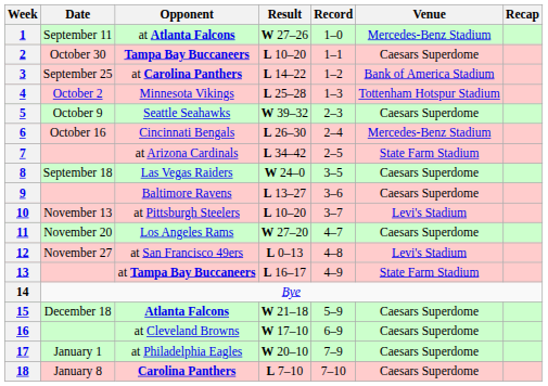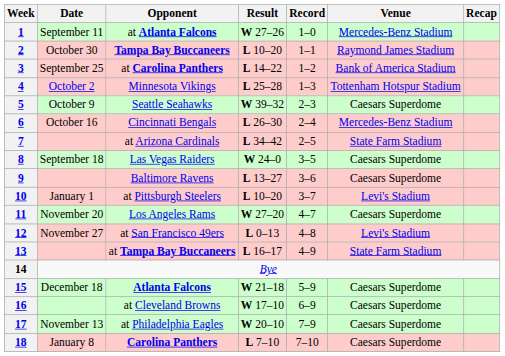 <table class="wikitable" style="text-align:center">
 <tr>
 <th>Week</th>
 <th>Date</th>
 <th>Opponent</th>
 <th>Result</th>
 <th>Record</th>
 <th>Venue</th>
 <th>Recap</th>
 </tr>
 <tr style="background:#cfc">
 <th><a href='#'>1</a></th>
 <td>September 11</td>
 <td>at <strong><a href='#'>Atlanta Falcons</a></strong></td>
 <td><strong>W</strong> 27–26</td>
 <td>1–0</td>
 <td><a href='#'>Mercedes-Benz Stadium</a></td>
 <td></td>
 </tr>
 <tr style="background:#fcc">
 <th><a href='#'>2</a></th>
 <td>October 30</td>
 <td><strong><a href='#'>Tampa Bay Buccaneers</a></strong></td>
 <td><strong>L</strong> 10–20</td>
 <td>1–1</td>
-<td>Caesars Superdome</td>
+<td><a href='#'>Raymond James Stadium</a></td>
 <td></td>
 </tr>
 <tr style="background:#fcc">
 <th><a href='#'>3</a></th>
 <td>September 25</td>
 <td>at <strong><a href='#'>Carolina Panthers</a></strong></td>
 <td><strong>L</strong> 14–22</td>
 <td>1–2</td>
 <td><a href='#'>Bank of America Stadium</a></td>
 <td></td>
 </tr>
 <tr style="background:#fcc">
 <th><a href='#'>4</a></th>
 <td><a href='#'>October 2</a></td>
 <td><a href='#'>Minnesota Vikings</a></td>
 <td><strong>L</strong> 25–28</td>
 <td>1–3</td>
 <td> <a href='#'>Tottenham Hotspur Stadium</a> </td>
 <td></td>
 </tr>
 <tr style="background:#cfc">
 <th><a href='#'>5</a></th>
 <td>October 9</td>
 <td><a href='#'>Seattle Seahawks</a></td>
 <td><strong>W</strong> 39–32</td>
 <td>2–3</td>
 <td>Caesars Superdome</td>
 <td></td>
 </tr>
 <tr style="background:#fcc">
 <th><a href='#'>6</a></th>
 <td>October 16</td>
 <td><a href='#'>Cincinnati Bengals</a></td>
 <td><strong>L</strong> 26–30</td>
 <td>2–4</td>
 <td><a href='#'>Mercedes-Benz Stadium</a></td>
 <td></td>
 </tr>
 <tr style="background:#fcc">
 <th><a href='#'>7</a></th>
 <td></td>
 <td>at <a href='#'>Arizona Cardinals</a></td>
 <td><strong>L</strong> 34–42</td>
 <td>2–5</td>
 <td><a href='#'>State Farm Stadium</a></td>
 <td></td>
 </tr>
 <tr style="background:#cfc">
 <th><a href='#'>8</a></th>
 <td>September 18</td>
 <td><a href='#'>Las Vegas Raiders</a></td>
 <td><strong>W</strong> 24–0</td>
 <td>3–5</td>
 <td>Caesars Superdome</td>
 <td></td>
 </tr>
 <tr style="background:#fcc">
 <th><a href='#'>9</a></th>
 <td></td>
 <td><a href='#'>Baltimore Ravens</a></td>
 <td><strong>L</strong> 13–27</td>
 <td>3–6</td>
 <td>Caesars Superdome</td>
 <td></td>
 </tr>
 <tr style="background:#fcc">
 <th><a href='#'>10</a></th>
-<td>November 13</td>
+<td>January 1</td>
 <td>at <a href='#'>Pittsburgh Steelers</a></td>
 <td><strong>L</strong> 10–20</td>
 <td>3–7</td>
 <td><a href='#'>Levi's Stadium</a></td>
 <td></td>
 </tr>
 <tr style="background:#cfc">
 <th><a href='#'>11</a></th>
 <td>November 20</td>
 <td><a href='#'>Los Angeles Rams</a></td>
 <td><strong>W</strong> 27–20</td>
 <td>4–7</td>
 <td>Caesars Superdome</td>
 <td></td>
 </tr>
 <tr style="background:#fcc">
 <th><a href='#'>12</a></th>
 <td>November 27</td>
 <td>at <a href='#'>San Francisco 49ers</a></td>
 <td><strong>L</strong> 0–13</td>
 <td>4–8</td>
 <td><a href='#'>Levi's Stadium</a></td>
 <td></td>
 </tr>
 <tr style="background:#fcc">
 <th><a href='#'>13</a></th>
 <td></td>
 <td>at <strong><a href='#'>Tampa Bay Buccaneers</a></strong></td>
 <td><strong>L</strong> 16–17</td>
 <td>4–9</td>
 <td><a href='#'>State Farm Stadium</a></td>
 <td></td>
 </tr>
 <tr>
 <th>14</th>
 <td colspan="6"><em><a href='#'>Bye</a></em></td>
 </tr>
 <tr style="background:#cfc">
 <th><a href='#'>15</a></th>
 <td>December 18</td>
 <td><strong><a href='#'>Atlanta Falcons</a></strong></td>
 <td><strong>W</strong> 21–18</td>
 <td>5–9</td>
 <td>Caesars Superdome</td>
 <td></td>
 </tr>
 <tr style="background:#cfc">
 <th><a href='#'>16</a></th>
 <td></td>
 <td>at <a href='#'>Cleveland Browns</a></td>
 <td><strong>W</strong> 17–10</td>
 <td>6–9</td>
 <td>Caesars Superdome</td>
 <td></td>
 </tr>
 <tr style="background:#cfc">
 <th><a href='#'>17</a></th>
-<td>January 1</td>
+<td>November 13</td>
 <td>at <a href='#'>Philadelphia Eagles</a></td>
 <td><strong>W</strong> 20–10</td>
 <td>7–9</td>
 <td>Caesars Superdome</td>
 <td></td>
 </tr>
 <tr style="background:#fcc">
 <th><a href='#'>18</a></th>
 <td>January 8</td>
 <td><strong><a href='#'>Carolina Panthers</a></strong></td>
 <td><strong>L</strong> 7–10</td>
 <td>7–10</td>
 <td>Caesars Superdome</td>
 <td></td>
 </tr>
 </table>
